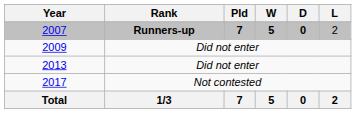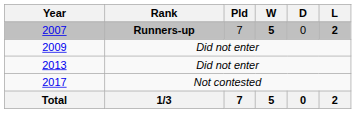 <table class="wikitable" style="text-align: center;font-size:90%;">
 <tr>
 <th width=125>Year</th>
 <th width=150>Rank</th>
 <th width=35>Pld</th>
 <th width=35>W</th>
 <th width=35>D</th>
 <th width=35>L</th>
 </tr>
 <tr bgcolor=silver>
 <td> <a href='#'>2007</a></td>
 <td><strong>Runners-up</strong></td>
-<td><strong>7</strong></td>
+<td>7</td>
 <td><strong>5</strong></td>
-<td><strong>0</strong></td>
-<td>2</td>
+<td>0</td>
+<td><strong>2</strong></td>
 </tr>
 <tr bgcolor=>
 <td> <a href='#'>2009</a></td>
 <td colspan=5><em>Did not enter</em></td>
 </tr>
 <tr bgcolor=>
 <td> <a href='#'>2013</a></td>
 <td colspan=5><em>Did not enter</em></td>
 </tr>
 <tr>
 <td> <a href='#'>2017</a></td>
 <td colspan=5><em>Not contested</em></td>
 </tr>
 <tr>
 <th>Total</th>
 <th>1/3</th>
 <th>7</th>
 <th>5</th>
 <th>0</th>
 <th>2</th>
 </tr>
 </table>
